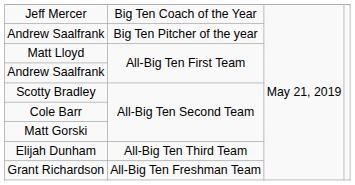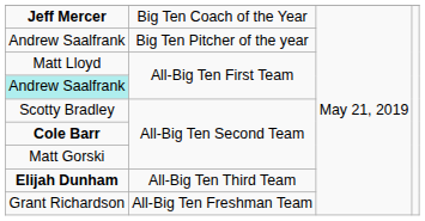 <table class="wikitable sortable" style="text-align: center">
 <tr align=center>
 </tr>
 <tr>
-<td>Jeff Mercer</td>
+<td><strong>Jeff Mercer</strong></td>
 <td rowspan="1">Big Ten Coach of the Year</td>
 <td rowspan="9">May 21, 2019</td>
 <td rowspan="9"></td>
 </tr>
 <tr>
 <td>Andrew Saalfrank</td>
 <td>Big Ten Pitcher of the year</td>
 </tr>
 <tr>
 <td>Matt Lloyd</td>
 <td rowspan="2">All-Big Ten First Team</td>
 </tr>
 <tr>
-<td>Andrew Saalfrank</td>
+<td style="background: paleturquoise;">Andrew Saalfrank</td>
 </tr>
 <tr>
 <td>Scotty Bradley</td>
 <td rowspan="3">All-Big Ten Second Team</td>
 </tr>
 <tr>
-<td>Cole Barr</td>
+<td><strong>Cole Barr</strong></td>
 </tr>
 <tr>
 <td>Matt Gorski</td>
 </tr>
 <tr>
-<td>Elijah Dunham</td>
+<td><strong>Elijah Dunham</strong></td>
 <td rowspan="1">All-Big Ten Third Team</td>
 </tr>
 <tr>
 <td>Grant Richardson</td>
 <td rowspan="1">All-Big Ten Freshman Team</td>
 </tr>
 </table>
